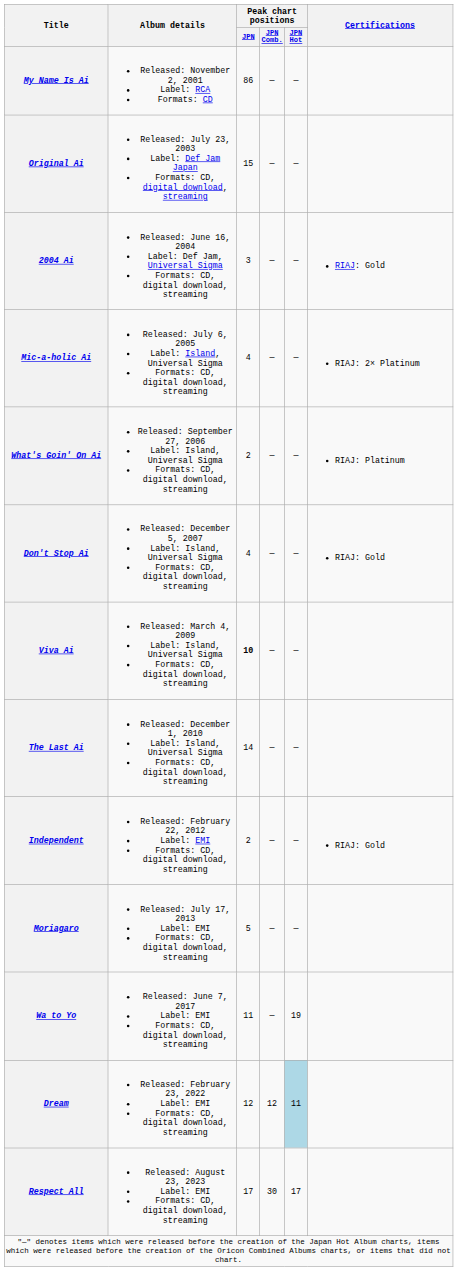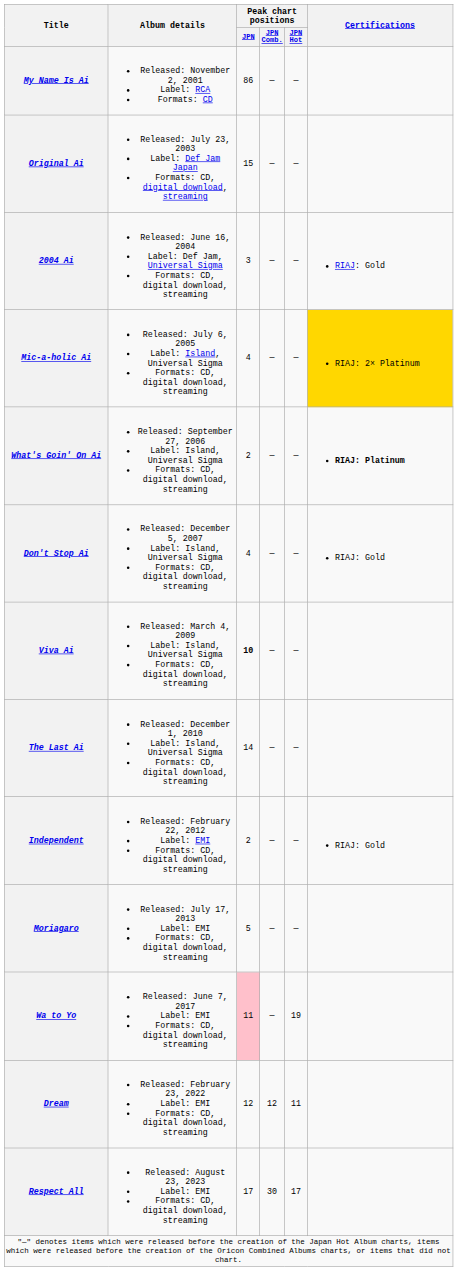 <table class="wikitable plainrowheaders" style="text-align:center;" border="1">
 <tr>
 <th scope="col" rowspan="2" style="width:12em;">Title</th>
 <th scope="col" rowspan="2" style="width:15em;">Album details</th>
 <th colspan="3" scope="col">Peak chart positions</th>
 <th scope="col" rowspan="2" style="width:17em;"><a href='#'>Certifications</a></th>
 </tr>
 <tr>
 <th scope="col" style="width:2.75em;font-size:85%;"><a href='#'>JPN</a><br></th>
 <th scope="col" style="width:2.75em;font-size:85%;"><a href='#'>JPN<br> Comb.</a><br></th>
 <th scope="col" style="width:2.75em;font-size:85%;"><a href='#'>JPN<br>Hot</a><br></th>
 </tr>
 <tr>
 <th scope="row"><em><a href='#'>My Name Is Ai</a></em></th>
 <td><br><ul><li>Released: November 2, 2001 </li><li>Label: <a href='#'>RCA</a></li><li>Formats: <a href='#'>CD</a></li></ul></td>
 <td>86</td>
 <td>—</td>
 <td>—</td>
 <td style="text-align:left"></td>
 </tr>
 <tr>
 <th scope="row"><em><a href='#'>Original Ai</a></em></th>
 <td><br><ul><li>Released: July 23, 2003</li><li>Label: <a href='#'>Def Jam Japan</a></li><li>Formats: CD, <a href='#'>digital download</a>, <a href='#'>streaming</a></li></ul></td>
 <td>15</td>
 <td>—</td>
 <td>—</td>
 <td style="text-align:left"></td>
 </tr>
 <tr>
 <th scope="row"><em><a href='#'>2004 Ai</a></em></th>
 <td><br><ul><li>Released: June 16, 2004</li><li>Label: Def Jam, <a href='#'>Universal Sigma</a></li><li>Formats: CD, digital download, streaming</li></ul></td>
 <td>3</td>
 <td>—</td>
 <td>—</td>
 <td style="text-align:left"><br><ul><li><a href='#'>RIAJ</a>: Gold</li></ul></td>
 </tr>
 <tr>
 <th scope="row"><em><a href='#'>Mic-a-holic Ai</a></em></th>
 <td><br><ul><li>Released: July 6, 2005</li><li>Label: <a href='#'>Island</a>, Universal Sigma</li><li>Formats: CD, digital download, streaming</li></ul></td>
 <td>4</td>
 <td>—</td>
 <td>—</td>
-<td style="text-align:left"><br><ul><li>RIAJ: 2× Platinum</li></ul></td>
+<td style="background: gold; text-align:left"><br><ul><li>RIAJ: 2× Platinum</li></ul></td>
 </tr>
 <tr>
 <th scope="row"><em><a href='#'>What's Goin' On Ai</a></em></th>
 <td><br><ul><li>Released: September 27, 2006</li><li>Label: Island, Universal Sigma</li><li>Formats: CD, digital download, streaming</li></ul></td>
 <td>2</td>
 <td>—</td>
 <td>—</td>
-<td style="text-align:left"><br><ul><li>RIAJ: Platinum</li></ul></td>
+<td style="text-align:left"><strong><br><ul><li>RIAJ: Platinum</li></ul></strong></td>
 </tr>
 <tr>
 <th scope="row"><em><a href='#'>Don't Stop Ai</a></em></th>
 <td><br><ul><li>Released: December 5, 2007</li><li>Label: Island, Universal Sigma</li><li>Formats: CD, digital download, streaming</li></ul></td>
 <td>4</td>
 <td>—</td>
 <td>—</td>
 <td style="text-align:left"><br><ul><li>RIAJ: Gold</li></ul></td>
 </tr>
 <tr>
 <th scope="row"><em><a href='#'>Viva Ai</a></em></th>
 <td><br><ul><li>Released: March 4, 2009</li><li>Label: Island, Universal Sigma</li><li>Formats: CD, digital download, streaming</li></ul></td>
 <td><strong>10</strong></td>
 <td>—</td>
 <td>—</td>
 <td style="text-align:left"></td>
 </tr>
 <tr>
 <th scope="row"><em><a href='#'>The Last Ai</a></em></th>
 <td><br><ul><li>Released: December 1, 2010</li><li>Label: Island, Universal Sigma</li><li>Formats: CD, digital download, streaming</li></ul></td>
 <td>14</td>
 <td>—</td>
 <td>—</td>
 <td style="text-align:left"></td>
 </tr>
 <tr>
 <th scope="row"><em><a href='#'>Independent</a></em></th>
 <td><br><ul><li>Released: February 22, 2012</li><li>Label: <a href='#'>EMI</a></li><li>Formats: CD, digital download, streaming</li></ul></td>
 <td>2</td>
 <td>—</td>
 <td>—</td>
 <td style="text-align:left"><br><ul><li>RIAJ: Gold</li></ul></td>
 </tr>
 <tr>
 <th scope="row"><em><a href='#'>Moriagaro</a></em></th>
 <td><br><ul><li>Released: July 17, 2013</li><li>Label: EMI</li><li>Formats: CD, digital download, streaming</li></ul></td>
 <td>5</td>
 <td>—</td>
 <td>—</td>
 <td style="text-align:left"></td>
 </tr>
 <tr>
 <th scope="row"><em><a href='#'>Wa to Yo</a></em></th>
 <td><br><ul><li>Released: June 7, 2017</li><li>Label: EMI</li><li>Formats: CD, digital download, streaming</li></ul></td>
-<td>11</td>
+<td style="background: pink;">11</td>
 <td>—</td>
 <td>19</td>
 <td style="text-align:left"></td>
 </tr>
 <tr>
 <th scope="row"><em><a href='#'>Dream</a></em></th>
 <td><br><ul><li>Released: February 23, 2022</li><li>Label: EMI</li><li>Formats: CD, digital download, streaming</li></ul></td>
 <td>12</td>
 <td>12</td>
-<td style="background: lightblue;">11</td>
+<td>11</td>
 <td></td>
 </tr>
 <tr>
 <th scope="row"><em><a href='#'>Respect All</a></em></th>
 <td><br><ul><li>Released: August 23, 2023</li><li>Label: EMI</li><li>Formats: CD, digital download, streaming</li></ul></td>
 <td>17</td>
 <td>30</td>
 <td>17</td>
 <td></td>
 </tr>
 <tr>
 <td colspan="15" style="text-align:center; font-size:90%;">"—" denotes items which were released before the creation of the Japan Hot Album charts, items which were released before the creation of the Oricon Combined Albums charts, or items that did not chart.</td>
 </tr>
 </table>
